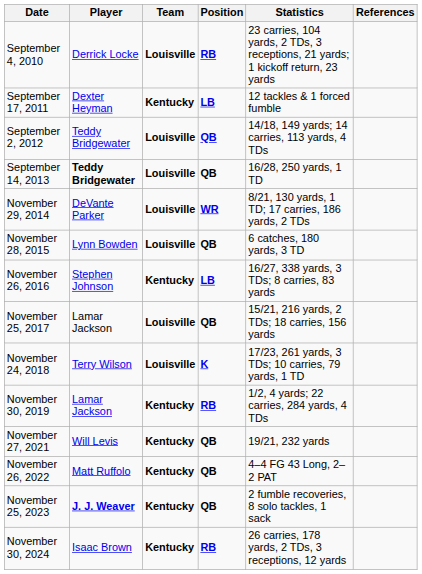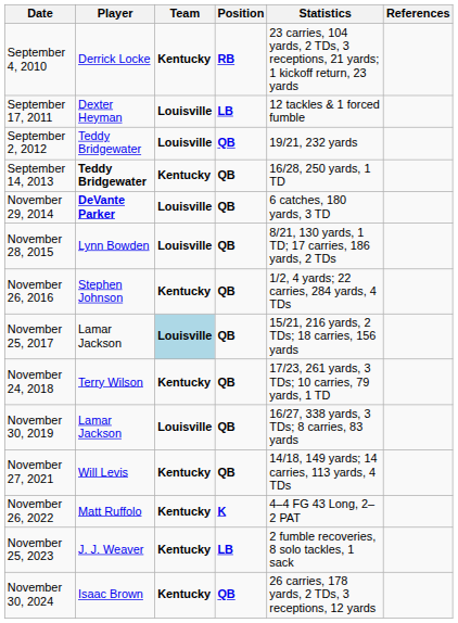 <table class="wikitable">
 <tr>
 <th>Date</th>
 <th>Player</th>
 <th>Team</th>
 <th>Position</th>
 <th>Statistics</th>
 <th>References</th>
 </tr>
 <tr>
 <td>September 4, 2010</td>
 <td><a href='#'>Derrick Locke</a></td>
-<td><strong>Louisville</strong></td>
+<td><strong>Kentucky</strong></td>
 <td><strong><a href='#'>RB</a></strong></td>
 <td>23 carries, 104 yards, 2 TDs, 3 receptions, 21 yards; 1 kickoff return, 23 yards</td>
 <td></td>
 </tr>
 <tr>
 <td>September 17, 2011</td>
 <td><a href='#'>Dexter Heyman</a></td>
-<td><strong>Kentucky</strong></td>
+<td><strong>Louisville</strong></td>
 <td><strong><a href='#'>LB</a></strong></td>
 <td>12 tackles & 1 forced fumble</td>
 <td></td>
 </tr>
 <tr>
 <td>September 2, 2012</td>
 <td><a href='#'>Teddy Bridgewater</a></td>
 <td><strong>Louisville</strong></td>
 <td><strong><a href='#'>QB</a></strong></td>
-<td>14/18, 149 yards; 14 carries, 113 yards, 4 TDs</td>
+<td>19/21, 232 yards</td>
 <td></td>
 </tr>
 <tr>
 <td>September 14, 2013</td>
 <td><strong>Teddy Bridgewater</strong></td>
-<td><strong>Louisville</strong></td>
+<td><strong>Kentucky</strong></td>
 <td><strong>QB</strong></td>
 <td>16/28, 250 yards, 1 TD</td>
 <td></td>
 </tr>
 <tr>
 <td>November 29, 2014</td>
-<td><a href='#'>DeVante Parker</a></td>
+<td><strong><a href='#'>DeVante Parker</a></strong></td>
 <td><strong>Louisville</strong></td>
-<td><strong><a href='#'>WR</a></strong></td>
-<td>8/21, 130 yards, 1 TD; 17 carries, 186 yards, 2 TDs</td>
+<td><strong>QB</strong></td>
+<td>6 catches, 180 yards, 3 TD</td>
 <td></td>
 </tr>
 <tr>
 <td>November 28, 2015</td>
 <td><a href='#'>Lynn Bowden</a></td>
 <td><strong>Louisville</strong></td>
 <td><strong>QB</strong></td>
-<td>6 catches, 180 yards, 3 TD</td>
+<td>8/21, 130 yards, 1 TD; 17 carries, 186 yards, 2 TDs</td>
 <td></td>
 </tr>
 <tr>
 <td>November 26, 2016</td>
 <td><a href='#'>Stephen Johnson</a></td>
 <td><strong>Kentucky</strong></td>
-<td><strong><a href='#'>LB</a></strong></td>
-<td>16/27, 338 yards, 3 TDs; 8 carries, 83 yards</td>
+<td><strong>QB</strong></td>
+<td>1/2, 4 yards; 22 carries, 284 yards, 4 TDs</td>
 <td></td>
 </tr>
 <tr>
 <td>November 25, 2017</td>
 <td>Lamar Jackson</td>
-<td><strong>Louisville</strong></td>
+<td style="background: lightblue;"><strong>Louisville</strong></td>
 <td><strong>QB</strong></td>
 <td>15/21, 216 yards, 2 TDs; 18 carries, 156 yards</td>
 <td></td>
 </tr>
 <tr>
 <td>November 24, 2018</td>
 <td><a href='#'>Terry Wilson</a></td>
-<td><strong>Louisville</strong></td>
-<td><strong><a href='#'>K</a></strong></td>
+<td><strong>Kentucky</strong></td>
+<td><strong>QB</strong></td>
 <td>17/23, 261 yards, 3 TDs; 10 carries, 79 yards, 1 TD</td>
 <td></td>
 </tr>
 <tr>
 <td>November 30, 2019</td>
 <td><a href='#'>Lamar Jackson</a></td>
-<td><strong>Kentucky</strong></td>
-<td><strong><a href='#'>RB</a></strong></td>
-<td>1/2, 4 yards; 22 carries, 284 yards, 4 TDs</td>
+<td><strong>Louisville</strong></td>
+<td><strong>QB</strong></td>
+<td>16/27, 338 yards, 3 TDs; 8 carries, 83 yards</td>
 <td></td>
 </tr>
 <tr>
 <td>November 27, 2021</td>
 <td><a href='#'>Will Levis</a></td>
 <td><strong>Kentucky</strong></td>
 <td><strong>QB</strong></td>
-<td>19/21, 232 yards</td>
+<td>14/18, 149 yards; 14 carries, 113 yards, 4 TDs</td>
 <td></td>
 </tr>
 <tr>
 <td>November 26, 2022</td>
 <td><a href='#'>Matt Ruffolo</a></td>
 <td><strong>Kentucky</strong></td>
-<td><strong>QB</strong></td>
+<td><strong><a href='#'>K</a></strong></td>
 <td>4–4 FG 43 Long, 2–2 PAT</td>
 </tr>
 <tr>
 <td>November 25, 2023</td>
-<td><strong><a href='#'>J. J. Weaver</a></strong></td>
+<td><a href='#'>J. J. Weaver</a></td>
 <td><strong>Kentucky</strong></td>
-<td><strong>QB</strong></td>
+<td><strong><a href='#'>LB</a></strong></td>
 <td>2 fumble recoveries, 8 solo tackles, 1 sack</td>
 <td></td>
 </tr>
 <tr>
 <td>November 30, 2024</td>
 <td><a href='#'>Isaac Brown</a></td>
 <td><strong>Kentucky</strong></td>
-<td><strong><a href='#'>RB</a></strong></td>
+<td><strong><a href='#'>QB</a></strong></td>
 <td>26 carries, 178 yards, 2 TDs, 3 receptions, 12 yards</td>
 <td></td>
 </tr>
 </table>
